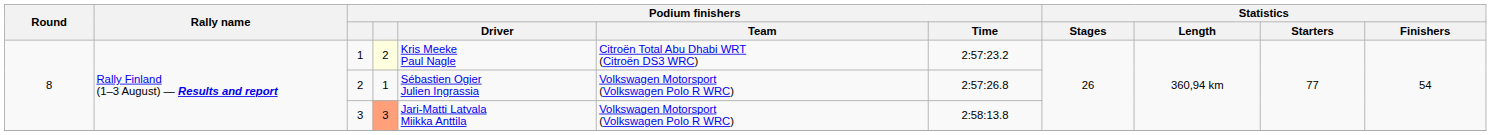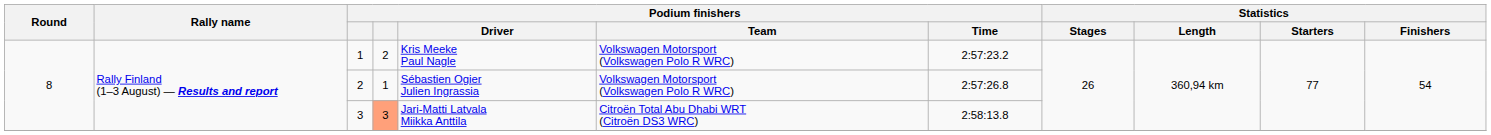 <table class="wikitable" width=90% style="font-size:85%;">
 <tr>
 <th rowspan=2>Round</th>
 <th style="width:22em" rowspan=2>Rally name</th>
 <th colspan=5>Podium finishers</th>
 <th colspan=4>Statistics</th>
 </tr>
 <tr>
 <th></th>
 <th></th>
 <th>Driver</th>
 <th>Team</th>
 <th>Time</th>
 <th>Stages</th>
 <th>Length</th>
 <th>Starters</th>
 <th>Finishers</th>
 </tr>
 <tr>
 <td rowspan=3 align=center>8</td>
 <td rowspan=3 nowrap> <a href='#'>Rally Finland</a><br>(1–3 August) — <strong><em><a href='#'>Results and report</a></em></strong></td>
 <td align=center>1</td>
-<td align=center style="background: lightyellow;">2</td>
+<td align=center>2</td>
 <td nowrap> <a href='#'>Kris Meeke</a><br> <a href='#'>Paul Nagle</a></td>
-<td nowrap> <a href='#'>Citroën Total Abu Dhabi WRT</a><br> (<a href='#'>Citroën DS3 WRC</a>)</td>
+<td nowrap> <a href='#'>Volkswagen Motorsport</a><br> (<a href='#'>Volkswagen Polo R WRC</a>)</td>
 <td align=center>2:57:23.2</td>
 <td rowspan=3 align=center>26</td>
 <td rowspan=3 align=center>360,94 km</td>
 <td rowspan=3 align=center>77</td>
 <td rowspan=3 align=center>54</td>
 </tr>
 <tr>
 <td align=center>2</td>
 <td align=center>1</td>
 <td nowrap> <a href='#'>Sébastien Ogier</a><br> <a href='#'>Julien Ingrassia</a></td>
 <td nowrap> <a href='#'>Volkswagen Motorsport</a><br> (<a href='#'>Volkswagen Polo R WRC</a>)</td>
 <td align=center>2:57:26.8</td>
 </tr>
 <tr>
 <td align=center>3</td>
 <td align=center style="background: lightsalmon;">3</td>
 <td nowrap> <a href='#'>Jari-Matti Latvala</a><br> <a href='#'>Miikka Anttila</a></td>
-<td nowrap> <a href='#'>Volkswagen Motorsport</a><br> (<a href='#'>Volkswagen Polo R WRC</a>)</td>
+<td nowrap> <a href='#'>Citroën Total Abu Dhabi WRT</a><br> (<a href='#'>Citroën DS3 WRC</a>)</td>
 <td align=center>2:58:13.8</td>
 </tr>
 <tr>
 </tr>
 </table>
